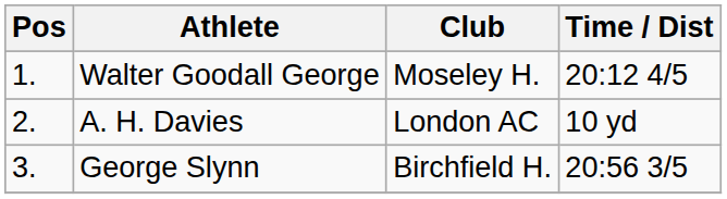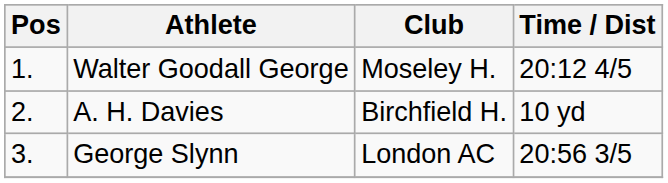 <table class="wikitable">
 <tr>
 <th>Pos</th>
 <th>Athlete</th>
 <th>Club</th>
 <th>Time / Dist</th>
 </tr>
 <tr>
 <td>1.</td>
 <td>Walter Goodall George</td>
 <td>Moseley H.</td>
 <td>20:12 4/5</td>
 </tr>
 <tr>
 <td>2.</td>
 <td>A. H. Davies</td>
-<td>London AC</td>
+<td>Birchfield H.</td>
 <td>10 yd</td>
 </tr>
 <tr>
 <td>3.</td>
 <td>George Slynn</td>
-<td>Birchfield H.</td>
+<td>London AC</td>
 <td>20:56 3/5</td>
 </tr>
 <tr>
 </tr>
 </table>
